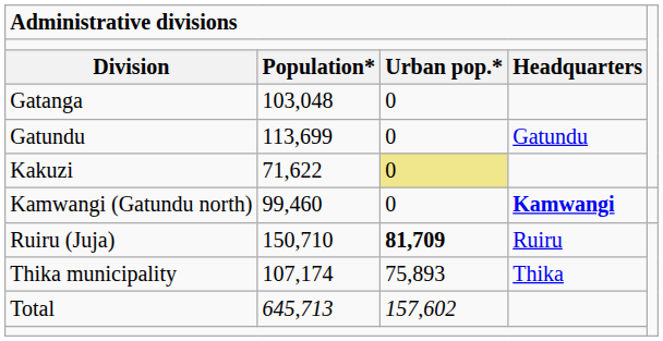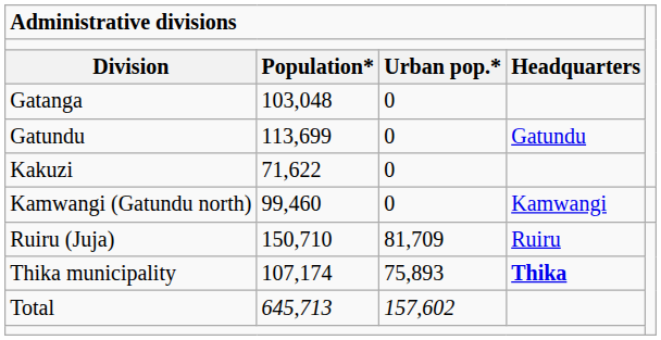 <table class="wikitable">
 <tr>
 <td colspan="4"><strong>Administrative divisions</strong></td>
 </tr>
 <tr>
 <td colspan="4"></td>
 </tr>
 <tr>
 <th>Division</th>
 <th>Population*</th>
 <th>Urban pop.*</th>
 <th>Headquarters</th>
 </tr>
 <tr>
 <td>Gatanga</td>
 <td>103,048</td>
 <td>0</td>
 <td></td>
 </tr>
 <tr>
 <td>Gatundu</td>
 <td>113,699</td>
 <td>0</td>
 <td><a href='#'>Gatundu</a></td>
 </tr>
 <tr>
 <td>Kakuzi</td>
 <td>71,622</td>
-<td style="background: khaki;">0</td>
+<td>0</td>
 <td></td>
 </tr>
 <tr>
 <td>Kamwangi (Gatundu north)</td>
 <td>99,460</td>
 <td>0</td>
-<td><strong><a href='#'>Kamwangi</a></strong></td>
+<td><a href='#'>Kamwangi</a></td>
 <td></td>
 </tr>
 <tr>
 <td>Ruiru (Juja)</td>
 <td>150,710</td>
-<td><strong>81,709</strong></td>
+<td>81,709</td>
 <td><a href='#'>Ruiru</a></td>
 </tr>
 <tr>
 <td>Thika municipality</td>
 <td>107,174</td>
 <td>75,893</td>
-<td><a href='#'>Thika</a></td>
+<td><strong><a href='#'>Thika</a></strong></td>
 </tr>
 <tr>
 <td>Total</td>
 <td><em>645,713</em></td>
 <td><em>157,602</em></td>
 <td></td>
 </tr>
 <tr>
 <td colspan="4"></td>
 </tr>
 </table>
